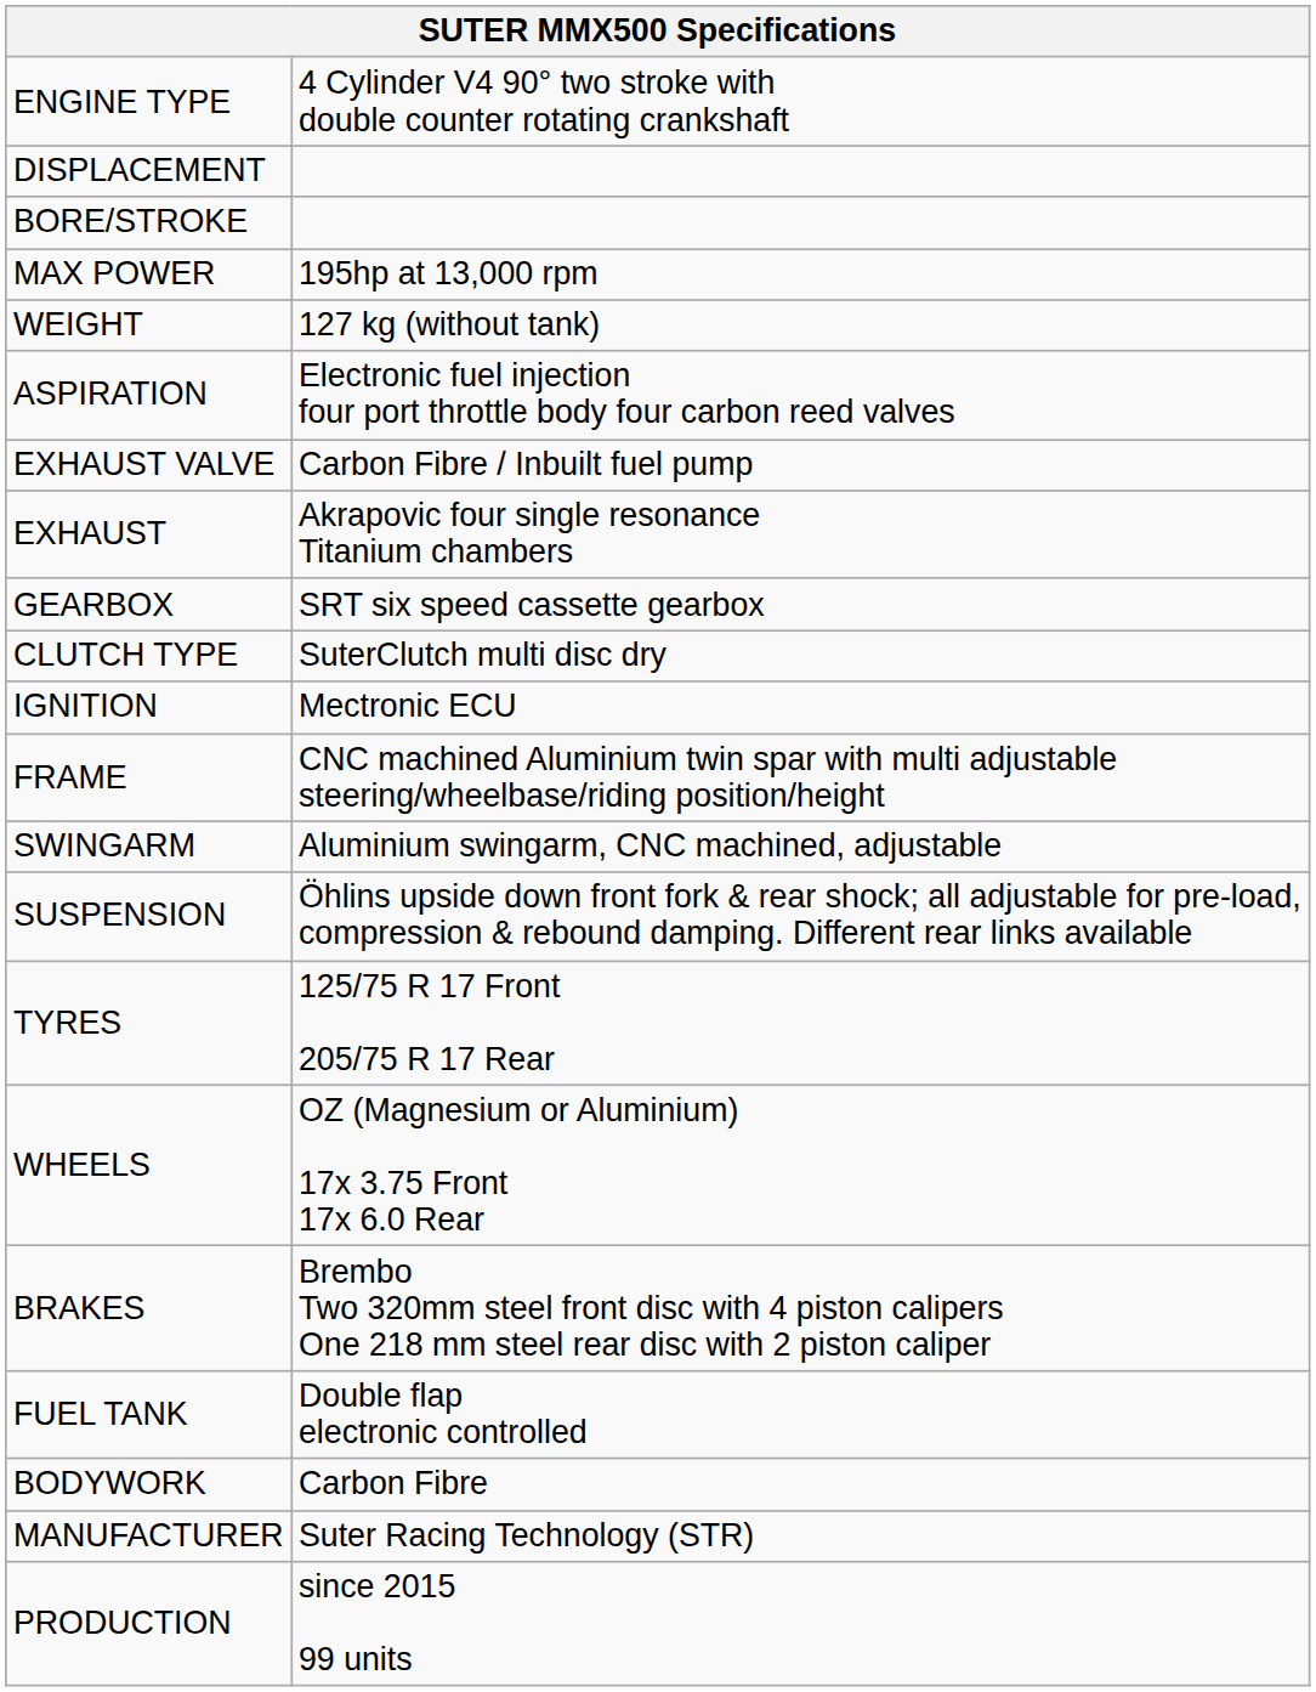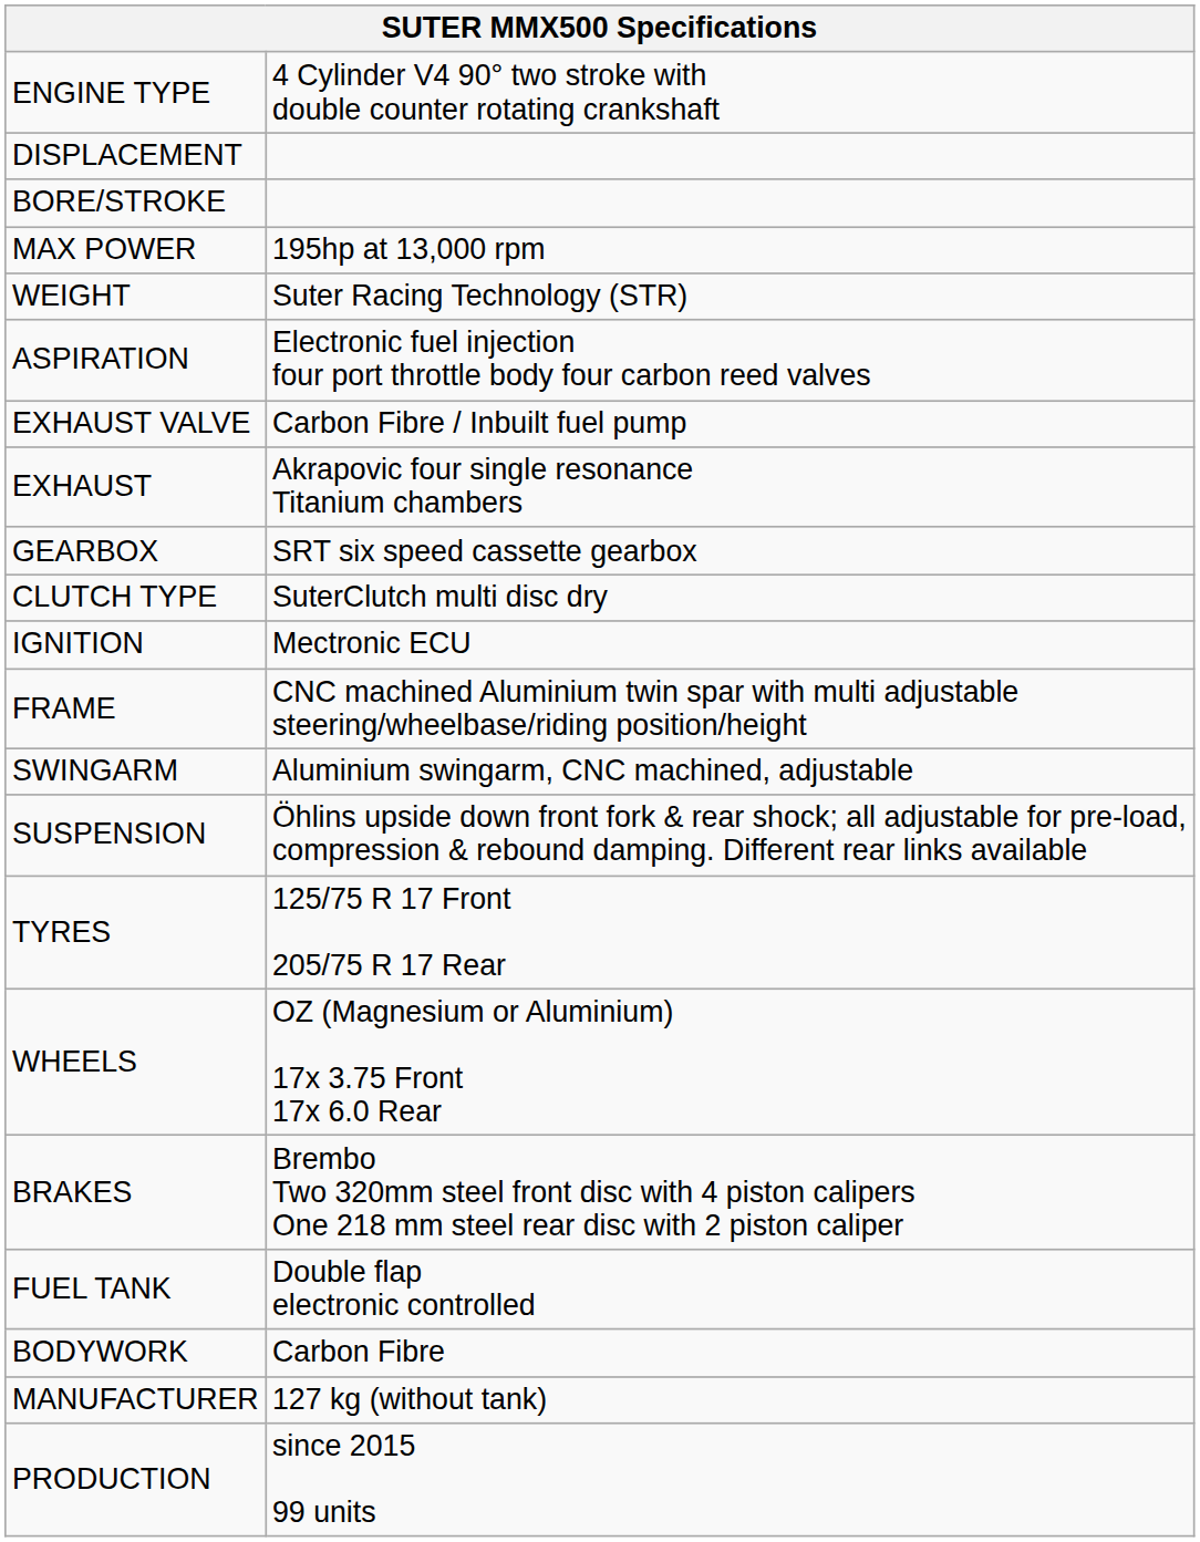 <table class="wikitable">
 <tr>
 <th colspan=3>SUTER MMX500  Specifications</th>
 </tr>
 <tr>
 <td>ENGINE TYPE</td>
 <td>4 Cylinder V4 90° two stroke with<br>double counter rotating crankshaft</td>
 </tr>
 <tr>
 <td>DISPLACEMENT</td>
 <td></td>
 </tr>
 <tr>
 <td>BORE/STROKE</td>
 <td></td>
 </tr>
 <tr>
 <td>MAX POWER</td>
 <td>195hp at 13,000 rpm</td>
 </tr>
 <tr>
 <td>WEIGHT</td>
-<td>127 kg (without tank)</td>
+<td>Suter Racing Technology (STR)</td>
 </tr>
 <tr>
 <td>ASPIRATION</td>
 <td>Electronic fuel injection<br>four port throttle body four carbon reed valves</td>
 </tr>
 <tr>
 <td>EXHAUST VALVE</td>
 <td>Carbon Fibre / Inbuilt fuel pump</td>
 </tr>
 <tr>
 <td>EXHAUST</td>
 <td>Akrapovic four single resonance<br>Titanium chambers</td>
 </tr>
 <tr>
 <td>GEARBOX</td>
 <td>SRT six speed cassette gearbox</td>
 </tr>
 <tr>
 <td>CLUTCH TYPE</td>
 <td>SuterClutch multi disc dry</td>
 </tr>
 <tr>
 <td>IGNITION</td>
 <td>Mectronic ECU</td>
 </tr>
 <tr>
 <td>FRAME</td>
 <td>CNC machined Aluminium twin spar with multi adjustable<br>steering/wheelbase/riding position/height</td>
 </tr>
 <tr>
 <td>SWINGARM</td>
 <td>Aluminium swingarm, CNC machined, adjustable</td>
 </tr>
 <tr>
 <td>SUSPENSION</td>
 <td>Öhlins upside down front fork & rear shock; all adjustable for pre-load,<br>compression & rebound damping. Different rear links available</td>
 </tr>
 <tr>
 <td>TYRES</td>
 <td>125/75 R 17 Front<br><br>205/75 R 17 Rear</td>
 </tr>
 <tr>
 <td>WHEELS</td>
 <td>OZ (Magnesium or Aluminium)<br><br>17x 3.75 Front<br> 17x 6.0 Rear</td>
 </tr>
 <tr>
 <td>BRAKES</td>
 <td>Brembo<br>Two 320mm steel front disc with 4 piston calipers<br> One 218 mm steel rear disc with 2 piston caliper</td>
 </tr>
 <tr>
 <td>FUEL TANK</td>
 <td>Double flap<br>electronic controlled</td>
 </tr>
 <tr>
 <td>BODYWORK</td>
 <td>Carbon Fibre</td>
 </tr>
 <tr>
 <td>MANUFACTURER</td>
-<td>Suter Racing Technology (STR)</td>
+<td>127 kg (without tank)</td>
 </tr>
 <tr>
 <td>PRODUCTION</td>
 <td>since 2015<br><br>99 units</td>
 </tr>
 </table>
